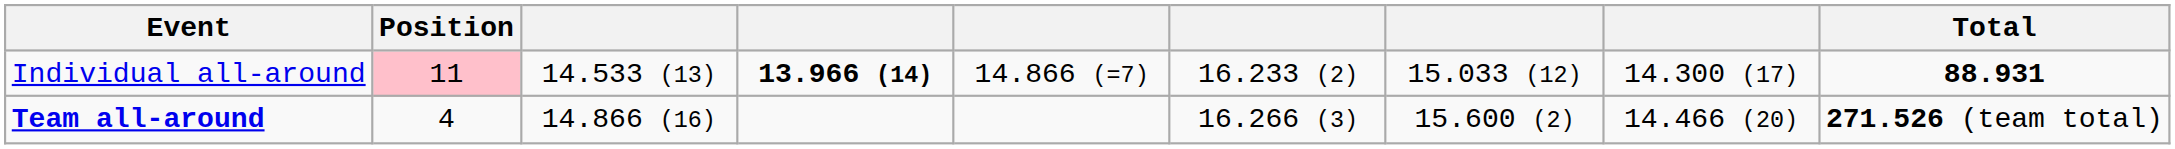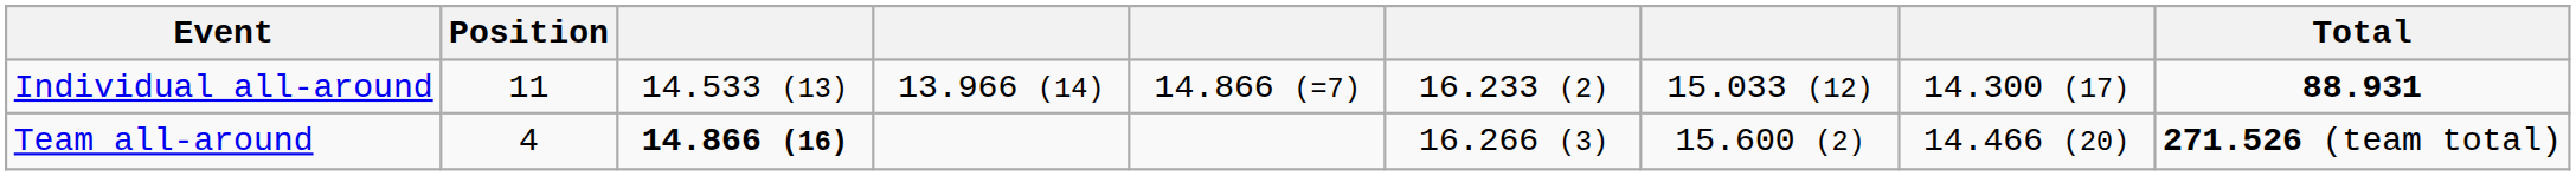 <table class="wikitable" style="text-align:center;">
 <tr>
 <th>Event</th>
 <th>Position</th>
 <th style="width:10%;"></th>
 <th style="width:10%;"></th>
 <th style="width:10%;"></th>
 <th style="width:10%;"></th>
 <th style="width:10%;"></th>
 <th style="width:10%;"></th>
 <th>Total</th>
 </tr>
 <tr>
 <td align=left><a href='#'>Individual all-around</a></td>
-<td style="background: pink;">11</td>
+<td>11</td>
 <td>14.533 <small>(13)</small></td>
-<td><strong>13.966 <small>(14)</small></strong></td>
+<td>13.966 <small>(14)</small></td>
 <td>14.866 <small>(=7)</small></td>
 <td>16.233 <small>(2)</small></td>
 <td>15.033 <small>(12)</small></td>
 <td>14.300 <small>(17)</small></td>
 <td><strong>88.931</strong></td>
 </tr>
 <tr>
-<td align=left><strong><a href='#'>Team all-around</a></strong></td>
+<td align=left><a href='#'>Team all-around</a></td>
 <td>4</td>
-<td>14.866 <small>(16)</small></td>
+<td><strong>14.866 <small>(16)</small></strong></td>
 <td></td>
 <td></td>
 <td>16.266 <small>(3)</small></td>
 <td>15.600 <small>(2)</small></td>
 <td>14.466 <small>(20)</small></td>
 <td><strong>271.526</strong> (team total)</td>
 </tr>
 </table>
